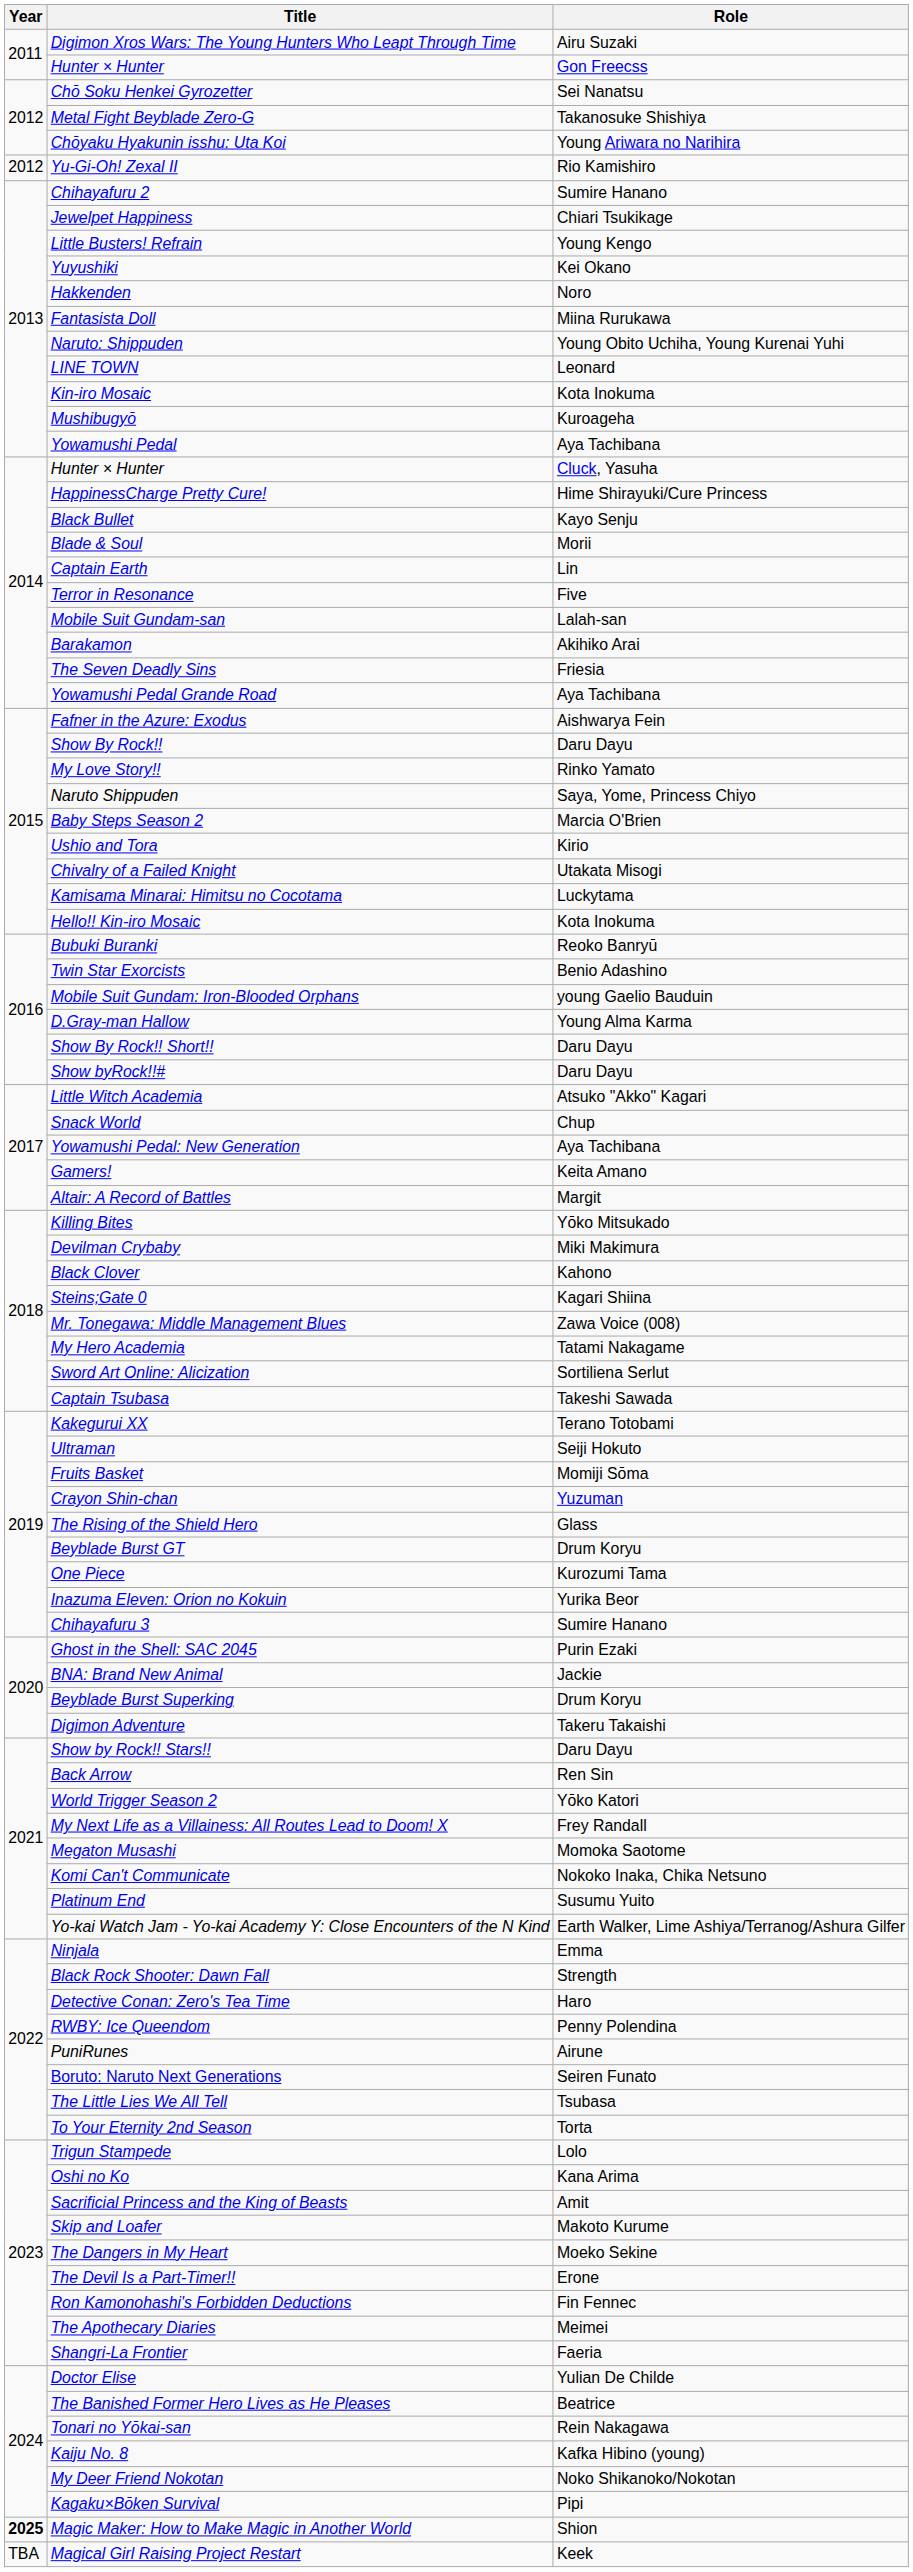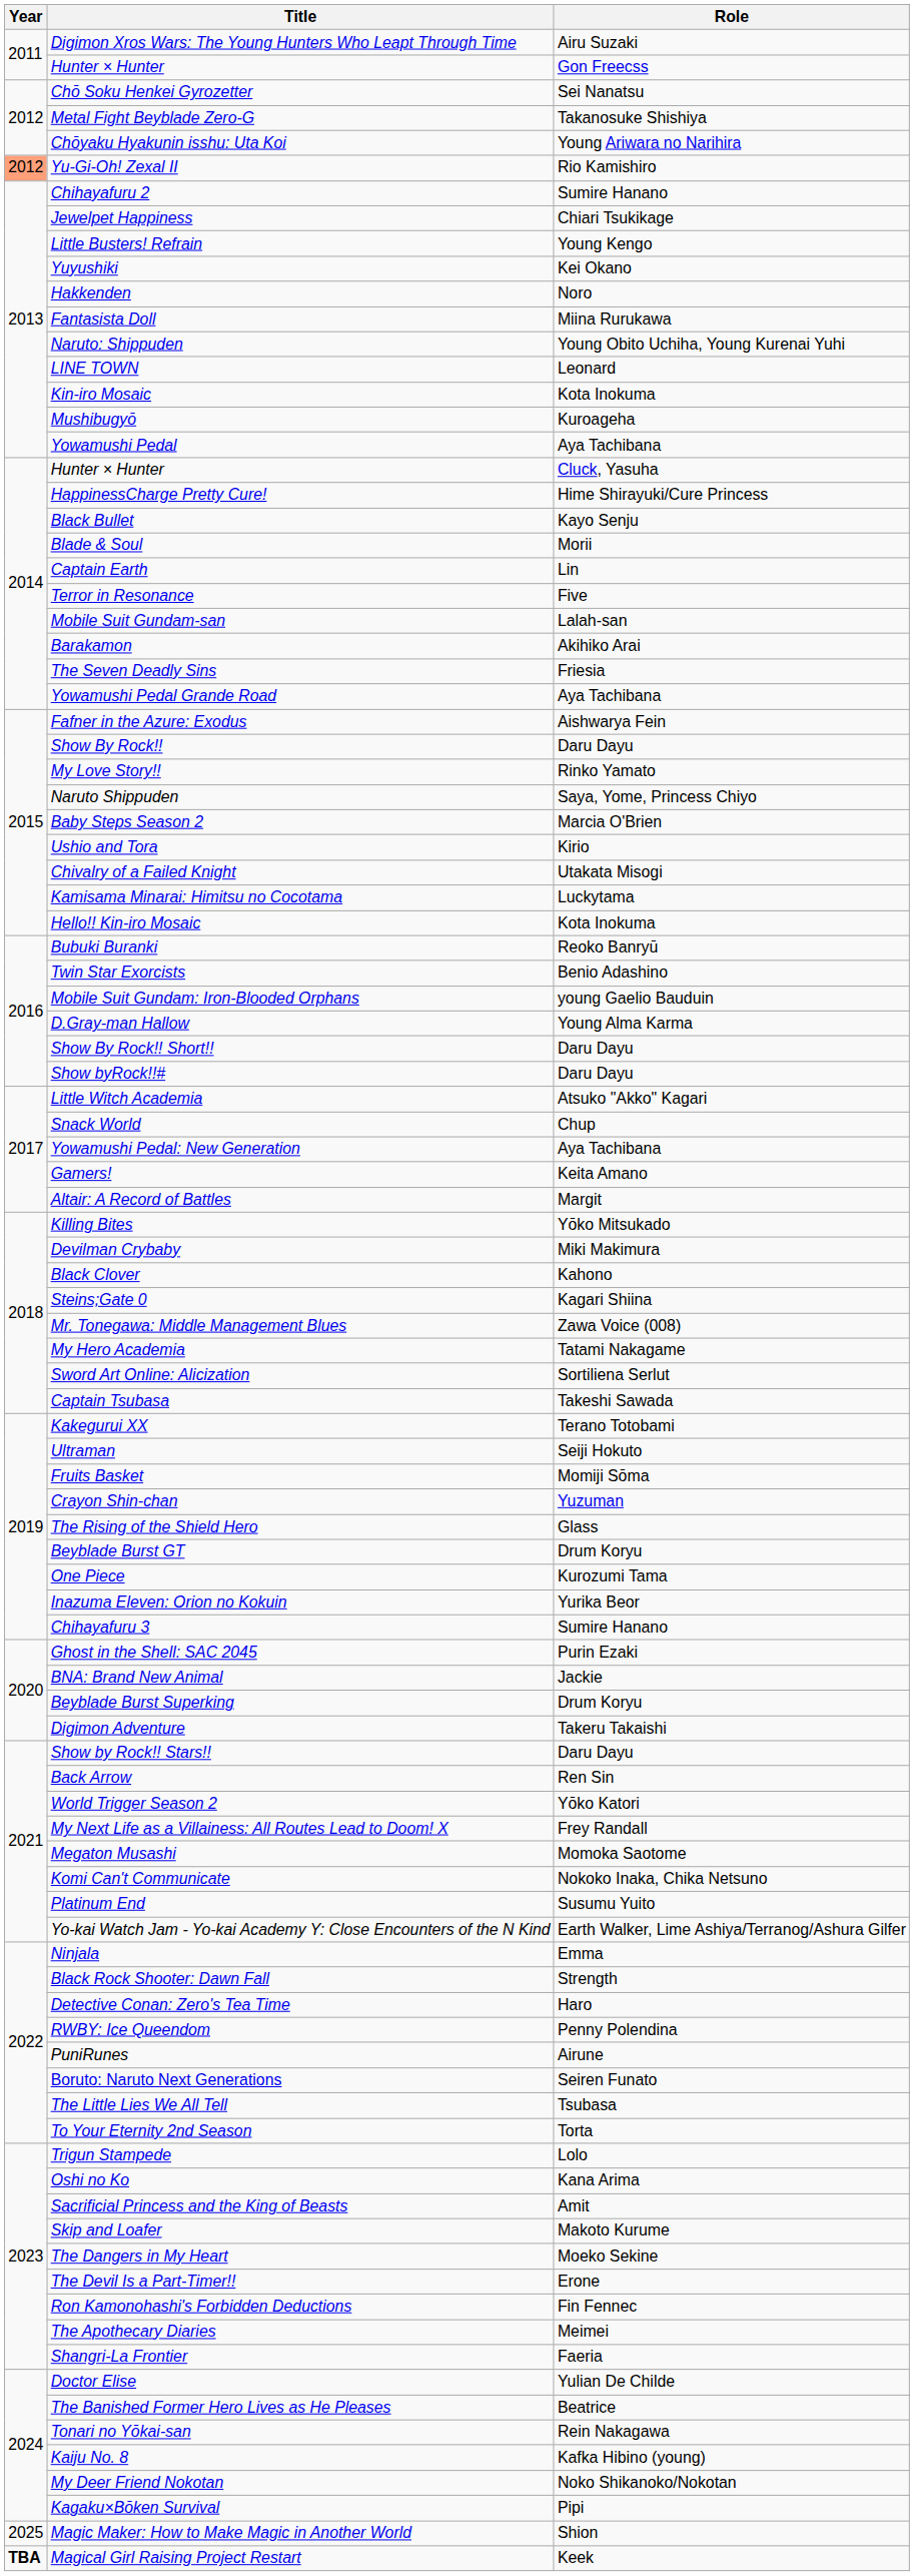 <table class="wikitable">
 <tr>
 <th>Year</th>
 <th>Title</th>
 <th>Role</th>
 </tr>
 <tr>
 <td rowspan="2">2011</td>
 <td><em><a href='#'>Digimon Xros Wars: The Young Hunters Who Leapt Through Time</a></em></td>
 <td>Airu Suzaki</td>
 </tr>
 <tr>
 <td><em><a href='#'>Hunter × Hunter</a></em></td>
 <td><a href='#'>Gon Freecss</a></td>
 </tr>
 <tr>
 <td rowspan="3">2012</td>
 <td><em><a href='#'>Chō Soku Henkei Gyrozetter</a></em></td>
 <td>Sei Nanatsu</td>
 </tr>
 <tr>
 <td><em><a href='#'>Metal Fight Beyblade Zero-G</a></em></td>
 <td>Takanosuke Shishiya</td>
 </tr>
 <tr>
 <td><em><a href='#'>Chōyaku Hyakunin isshu: Uta Koi</a></em></td>
 <td>Young <a href='#'>Ariwara no Narihira</a></td>
 </tr>
 <tr>
-<td rowspan="">2012</td>
+<td rowspan="" style="background: lightsalmon;">2012</td>
 <td><em><a href='#'>Yu-Gi-Oh! Zexal II</a></em></td>
 <td>Rio Kamishiro</td>
 </tr>
 <tr>
 <td rowspan="11">2013</td>
 <td><em><a href='#'>Chihayafuru 2</a></em></td>
 <td>Sumire Hanano</td>
 </tr>
 <tr>
 <td><em><a href='#'>Jewelpet Happiness</a></em></td>
 <td>Chiari Tsukikage</td>
 </tr>
 <tr>
 <td><em><a href='#'>Little Busters! Refrain</a></em></td>
 <td>Young Kengo</td>
 </tr>
 <tr>
 <td><em><a href='#'>Yuyushiki</a></em></td>
 <td>Kei Okano</td>
 </tr>
 <tr>
 <td><em><a href='#'>Hakkenden</a></em></td>
 <td>Noro</td>
 </tr>
 <tr>
 <td><em><a href='#'>Fantasista Doll</a></em></td>
 <td>Miina Rurukawa</td>
 </tr>
 <tr>
 <td><em><a href='#'>Naruto: Shippuden</a></em></td>
 <td>Young Obito Uchiha, Young Kurenai Yuhi</td>
 </tr>
 <tr>
 <td><em><a href='#'>LINE TOWN</a></em></td>
 <td>Leonard</td>
 </tr>
 <tr>
 <td><em><a href='#'>Kin-iro Mosaic</a></em></td>
 <td>Kota Inokuma</td>
 </tr>
 <tr>
 <td><em><a href='#'>Mushibugyō</a></em></td>
 <td>Kuroageha</td>
 </tr>
 <tr>
 <td><em><a href='#'>Yowamushi Pedal</a></em></td>
 <td>Aya Tachibana</td>
 </tr>
 <tr>
 <td rowspan="10">2014</td>
 <td><em>Hunter × Hunter</em></td>
 <td><a href='#'>Cluck</a>, Yasuha</td>
 </tr>
 <tr>
 <td><em><a href='#'>HappinessCharge Pretty Cure!</a></em></td>
 <td>Hime Shirayuki/Cure Princess</td>
 </tr>
 <tr>
 <td><em><a href='#'>Black Bullet</a></em></td>
 <td>Kayo Senju</td>
 </tr>
 <tr>
 <td><em><a href='#'>Blade & Soul</a></em></td>
 <td>Morii</td>
 </tr>
 <tr>
 <td><em><a href='#'>Captain Earth</a></em></td>
 <td>Lin</td>
 </tr>
 <tr>
 <td><em><a href='#'>Terror in Resonance</a></em></td>
 <td>Five</td>
 </tr>
 <tr>
 <td><em><a href='#'>Mobile Suit Gundam-san</a></em></td>
 <td>Lalah-san</td>
 </tr>
 <tr>
 <td><em><a href='#'>Barakamon</a></em></td>
 <td>Akihiko Arai</td>
 </tr>
 <tr>
 <td><em><a href='#'>The Seven Deadly Sins</a></em></td>
 <td>Friesia</td>
 </tr>
 <tr>
 <td><em><a href='#'>Yowamushi Pedal Grande Road</a></em></td>
 <td>Aya Tachibana</td>
 </tr>
 <tr>
 <td rowspan="9">2015</td>
 <td><em><a href='#'>Fafner in the Azure: Exodus</a></em></td>
 <td>Aishwarya Fein</td>
 </tr>
 <tr>
 <td><em><a href='#'>Show By Rock!!</a></em></td>
 <td>Daru Dayu</td>
 </tr>
 <tr>
 <td><em><a href='#'>My Love Story!!</a></em></td>
 <td>Rinko Yamato</td>
 </tr>
 <tr>
 <td><em>Naruto Shippuden</em></td>
 <td>Saya, Yome, Princess Chiyo</td>
 </tr>
 <tr>
 <td><em><a href='#'>Baby Steps Season 2</a></em></td>
 <td>Marcia O'Brien</td>
 </tr>
 <tr>
 <td><em><a href='#'>Ushio and Tora</a></em></td>
 <td>Kirio</td>
 </tr>
 <tr>
 <td><em><a href='#'>Chivalry of a Failed Knight</a></em></td>
 <td>Utakata Misogi</td>
 </tr>
 <tr>
 <td><em><a href='#'>Kamisama Minarai: Himitsu no Cocotama</a></em></td>
 <td>Luckytama</td>
 </tr>
 <tr>
 <td><em><a href='#'>Hello!! Kin-iro Mosaic</a></em></td>
 <td>Kota Inokuma</td>
 </tr>
 <tr>
 <td rowspan="6">2016</td>
 <td><em><a href='#'>Bubuki Buranki</a></em></td>
 <td>Reoko Banryū</td>
 </tr>
 <tr>
 <td><em><a href='#'>Twin Star Exorcists</a></em></td>
 <td>Benio Adashino</td>
 </tr>
 <tr>
 <td><em><a href='#'>Mobile Suit Gundam: Iron-Blooded Orphans</a></em></td>
 <td>young Gaelio Bauduin</td>
 </tr>
 <tr>
 <td><em><a href='#'>D.Gray-man Hallow</a></em></td>
 <td>Young Alma Karma</td>
 </tr>
 <tr>
 <td><em><a href='#'>Show By Rock!! Short!!</a></em></td>
 <td>Daru Dayu</td>
 </tr>
 <tr>
 <td><em><a href='#'>Show byRock!!#</a></em></td>
 <td>Daru Dayu</td>
 </tr>
 <tr>
 <td rowspan="5">2017</td>
 <td><em><a href='#'>Little Witch Academia</a></em></td>
 <td>Atsuko "Akko" Kagari</td>
 </tr>
 <tr>
 <td><em><a href='#'>Snack World</a></em></td>
 <td>Chup</td>
 </tr>
 <tr>
 <td><em><a href='#'>Yowamushi Pedal: New Generation</a></em></td>
 <td>Aya Tachibana</td>
 </tr>
 <tr>
 <td><em><a href='#'>Gamers!</a></em></td>
 <td>Keita Amano</td>
 </tr>
 <tr>
 <td><em><a href='#'>Altair: A Record of Battles</a></em></td>
 <td>Margit</td>
 </tr>
 <tr>
 <td rowspan="8">2018</td>
 <td><em><a href='#'>Killing Bites</a></em></td>
 <td>Yōko Mitsukado</td>
 </tr>
 <tr>
 <td><em><a href='#'>Devilman Crybaby</a></em></td>
 <td>Miki Makimura</td>
 </tr>
 <tr>
 <td><em><a href='#'>Black Clover</a></em></td>
 <td>Kahono</td>
 </tr>
 <tr>
 <td><em><a href='#'>Steins;Gate 0</a></em></td>
 <td>Kagari Shiina</td>
 </tr>
 <tr>
 <td><em><a href='#'>Mr. Tonegawa: Middle Management Blues</a></em></td>
 <td>Zawa Voice (008)</td>
 </tr>
 <tr>
 <td><em><a href='#'>My Hero Academia</a></em></td>
 <td>Tatami Nakagame</td>
 </tr>
 <tr>
 <td><em><a href='#'>Sword Art Online: Alicization</a></em></td>
 <td>Sortiliena Serlut</td>
 </tr>
 <tr>
 <td><em><a href='#'>Captain Tsubasa</a></em></td>
 <td>Takeshi Sawada</td>
 </tr>
 <tr>
 <td rowspan="9">2019</td>
 <td><em><a href='#'>Kakegurui XX</a></em></td>
 <td>Terano Totobami</td>
 </tr>
 <tr>
 <td><em><a href='#'>Ultraman</a></em></td>
 <td>Seiji Hokuto</td>
 </tr>
 <tr>
 <td><em><a href='#'>Fruits Basket</a></em></td>
 <td>Momiji Sōma</td>
 </tr>
 <tr>
 <td><em><a href='#'>Crayon Shin-chan</a></em></td>
 <td><a href='#'>Yuzuman</a></td>
 </tr>
 <tr>
 <td><em><a href='#'>The Rising of the Shield Hero</a></em></td>
 <td>Glass</td>
 </tr>
 <tr>
 <td><em><a href='#'>Beyblade Burst GT</a></em></td>
 <td>Drum Koryu</td>
 </tr>
 <tr>
 <td><em><a href='#'>One Piece</a></em></td>
 <td>Kurozumi Tama</td>
 </tr>
 <tr>
 <td><em><a href='#'>Inazuma Eleven: Orion no Kokuin</a></em></td>
 <td>Yurika Beor</td>
 </tr>
 <tr>
 <td><em><a href='#'>Chihayafuru 3</a></em></td>
 <td>Sumire Hanano</td>
 </tr>
 <tr>
 <td rowspan="4">2020</td>
 <td><em><a href='#'>Ghost in the Shell: SAC 2045</a></em></td>
 <td>Purin Ezaki</td>
 </tr>
 <tr>
 <td><em><a href='#'>BNA: Brand New Animal</a></em></td>
 <td>Jackie</td>
 </tr>
 <tr>
 <td><em><a href='#'>Beyblade Burst Superking</a></em></td>
 <td>Drum Koryu</td>
 </tr>
 <tr>
 <td><em><a href='#'>Digimon Adventure</a></em></td>
 <td>Takeru Takaishi</td>
 </tr>
 <tr>
 <td rowspan="8">2021</td>
 <td><em><a href='#'>Show by Rock!! Stars!!</a></em></td>
 <td>Daru Dayu</td>
 </tr>
 <tr>
 <td><em><a href='#'>Back Arrow</a></em></td>
 <td>Ren Sin</td>
 </tr>
 <tr>
 <td><em><a href='#'>World Trigger Season 2</a></em></td>
 <td>Yōko Katori</td>
 </tr>
 <tr>
 <td><em><a href='#'>My Next Life as a Villainess: All Routes Lead to Doom! X</a></em></td>
 <td>Frey Randall</td>
 </tr>
 <tr>
 <td><em><a href='#'>Megaton Musashi</a></em></td>
 <td>Momoka Saotome</td>
 </tr>
 <tr>
 <td><em><a href='#'>Komi Can't Communicate</a></em></td>
 <td>Nokoko Inaka, Chika Netsuno</td>
 </tr>
 <tr>
 <td><em><a href='#'>Platinum End</a></em></td>
 <td>Susumu Yuito</td>
 </tr>
 <tr>
 <td><em>Yo-kai Watch Jam - Yo-kai Academy Y: Close Encounters of the N Kind</em></td>
 <td>Earth Walker, Lime Ashiya/Terranog/Ashura Gilfer</td>
 </tr>
 <tr>
 <td rowspan="8">2022</td>
 <td><em><a href='#'>Ninjala</a></em></td>
 <td>Emma</td>
 </tr>
 <tr>
 <td><em><a href='#'>Black Rock Shooter: Dawn Fall</a></em></td>
 <td>Strength</td>
 </tr>
 <tr>
 <td><em><a href='#'>Detective Conan: Zero's Tea Time</a></em></td>
 <td>Haro</td>
 </tr>
 <tr>
 <td><em><a href='#'>RWBY: Ice Queendom</a></em></td>
 <td>Penny Polendina</td>
 </tr>
 <tr>
 <td><em>PuniRunes</em></td>
 <td>Airune</td>
 </tr>
 <tr>
 <td><a href='#'>Boruto: Naruto Next Generations</a></td>
 <td>Seiren Funato</td>
 </tr>
 <tr>
 <td><em><a href='#'>The Little Lies We All Tell</a></em></td>
 <td>Tsubasa</td>
 </tr>
 <tr>
 <td><em><a href='#'>To Your Eternity 2nd Season</a></em></td>
 <td>Torta</td>
 </tr>
 <tr>
 <td rowspan="9">2023</td>
 <td><em><a href='#'>Trigun Stampede</a></em></td>
 <td>Lolo</td>
 </tr>
 <tr>
 <td><em><a href='#'>Oshi no Ko</a></em></td>
 <td>Kana Arima</td>
 </tr>
 <tr>
 <td><em><a href='#'>Sacrificial Princess and the King of Beasts</a></em></td>
 <td>Amit</td>
 </tr>
 <tr>
 <td><em><a href='#'>Skip and Loafer</a></em></td>
 <td>Makoto Kurume</td>
 </tr>
 <tr>
 <td><em><a href='#'>The Dangers in My Heart</a></em></td>
 <td>Moeko Sekine</td>
 </tr>
 <tr>
 <td><em><a href='#'>The Devil Is a Part-Timer!!</a></em></td>
 <td>Erone</td>
 </tr>
 <tr>
 <td><em><a href='#'>Ron Kamonohashi's Forbidden Deductions</a></em></td>
 <td>Fin Fennec</td>
 </tr>
 <tr>
 <td><em><a href='#'>The Apothecary Diaries</a></em></td>
 <td>Meimei</td>
 </tr>
 <tr>
 <td><em><a href='#'>Shangri-La Frontier</a></em></td>
 <td>Faeria</td>
 </tr>
 <tr>
 <td rowspan="6">2024</td>
 <td><em><a href='#'>Doctor Elise</a></em></td>
 <td>Yulian De Childe</td>
 </tr>
 <tr>
 <td><em><a href='#'>The Banished Former Hero Lives as He Pleases</a></em></td>
 <td>Beatrice</td>
 </tr>
 <tr>
 <td><em><a href='#'>Tonari no Yōkai-san</a></em></td>
 <td>Rein Nakagawa</td>
 </tr>
 <tr>
 <td><em><a href='#'>Kaiju No. 8</a></em></td>
 <td>Kafka Hibino (young)</td>
 </tr>
 <tr>
 <td><em><a href='#'>My Deer Friend Nokotan</a></em></td>
 <td>Noko Shikanoko/Nokotan</td>
 </tr>
 <tr>
 <td><em><a href='#'>Kagaku×Bōken Survival</a></em></td>
 <td>Pipi</td>
 </tr>
 <tr>
-<td rowspan="1"><strong>2025</strong></td>
+<td rowspan="1">2025</td>
 <td><em><a href='#'>Magic Maker: How to Make Magic in Another World</a></em></td>
 <td>Shion</td>
 </tr>
 <tr>
-<td>TBA</td>
+<td><strong>TBA</strong></td>
 <td><em><a href='#'>Magical Girl Raising Project Restart</a></em></td>
 <td>Keek</td>
 </tr>
 </table>
